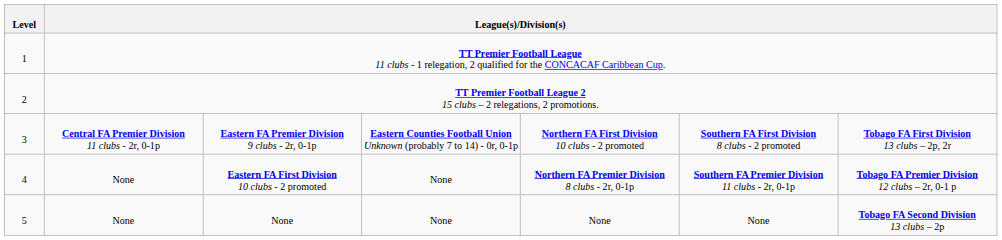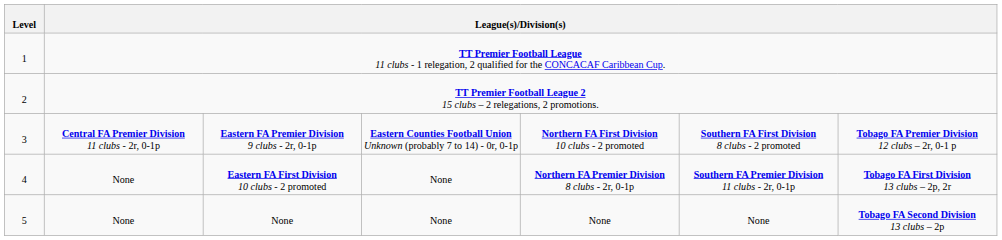 <table class="wikitable" style="text-align: center; font-size:90%;">
 <tr>
 <th colspan="1" width="4%"><br>Level</th>
 <th colspan="6" width="96%"><br>League(s)/Division(s)</th>
 </tr>
 <tr>
 <td colspan="1" width="4%"><br>1</td>
 <td colspan="6" width="96%"><br><strong><a href='#'>TT Premier Football League</a></strong><br> <em>11 clubs</em> - 1 relegation, 2 qualified for the <a href='#'>CONCACAF Caribbean Cup</a>.</td>
 </tr>
 <tr>
 <td colspan="1" width="4%"><br>2</td>
 <td colspan="6" width="96%"><br><strong><a href='#'>TT Premier Football League 2</a></strong><br> <em>15 clubs</em> – 2 relegations, 2 promotions.</td>
 </tr>
 <tr ---->
 <td colspan="1" width="4%"><br>3</td>
 <td colspan="1" width="16%"><br><strong><a href='#'>Central FA Premier Division</a></strong><br> <em>11 clubs</em> - 2r, 0-1p</td>
 <td colspan="1" width="16%"><br><strong><a href='#'>Eastern FA Premier Division</a></strong><br> <em>9 clubs</em> - 2r, 0-1p</td>
 <td colspan="1" width="16%"><br><strong><a href='#'>Eastern Counties Football Union</a></strong><br> <em>Unknown</em> (probably 7 to 14) - 0r, 0-1p</td>
 <td colspan="1" width="16%"><br><strong><a href='#'>Northern FA First Division</a></strong><br> <em>10 clubs</em> - 2 promoted</td>
 <td colspan="1" width="16%"><br><strong><a href='#'>Southern FA First Division</a></strong><br> <em>8 clubs</em> - 2 promoted</td>
-<td colspan="1" width="16%"><br><strong><a href='#'>Tobago FA First Division</a></strong><br> <em>13 clubs</em> – 2p, 2r</td>
+<td colspan="1" width="16%"><br><strong><a href='#'>Tobago FA Premier Division</a></strong><br> <em>12 clubs</em> – 2r, 0-1 p</td>
 </tr>
 <tr ---->
 <td colspan="1" width="4%"><br>4</td>
 <td colspan="1" width="16%"><br>None</td>
 <td colspan="1" width="16%"><br><strong><a href='#'>Eastern FA First Division</a></strong><br> <em>10 clubs</em> - 2 promoted</td>
 <td colspan="1"><br>None</td>
 <td colspan="1" width="16%"><br><strong><a href='#'>Northern FA Premier Division</a> <br></strong> <em>8 clubs</em> - 2r, 0-1p</td>
 <td colspan="1" width="16%"><br><strong><a href='#'>Southern FA Premier Division</a></strong><br> <em>11 clubs</em> - 2r, 0-1p</td>
-<td colspan="1" width="16%"><br><strong><a href='#'>Tobago FA Premier Division</a></strong><br> <em>12 clubs</em> – 2r, 0-1 p</td>
+<td colspan="1" width="16%"><br><strong><a href='#'>Tobago FA First Division</a></strong><br> <em>13 clubs</em> – 2p, 2r</td>
 </tr>
 <tr ---->
 <td colspan="1" width="4%"><br>5</td>
 <td colspan="1" width="16%"><br>None</td>
 <td colspan="1" width="16%"><br>None</td>
 <td colspan="1" width="16%"><br>None</td>
 <td colspan="1" width="16%"><br>None</td>
 <td colspan="1" width="16%"><br>None</td>
 <td colspan="1" width="16%"><br><strong><a href='#'>Tobago FA Second Division</a></strong><br> <em>13 clubs</em> – 2p</td>
 </tr>
 </table>
